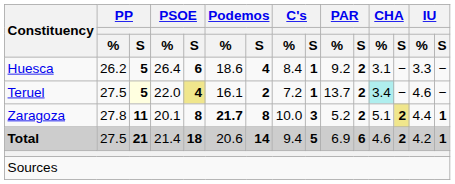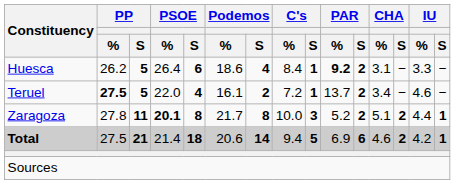 <table class="wikitable sortable" style="text-align:right; line-height:20px;">
 <tr>
 <th rowspan="3">Constituency</th>
 <th colspan="2" width="30px" class="unsortable"><a href='#'>PP</a></th>
 <th colspan="2" width="30px" class="unsortable"><a href='#'>PSOE</a></th>
 <th colspan="2" width="30px" class="unsortable"><a href='#'>Podemos</a></th>
 <th colspan="2" width="30px" class="unsortable"><a href='#'>C's</a></th>
 <th colspan="2" width="30px" class="unsortable"><a href='#'>PAR</a></th>
 <th colspan="2" width="30px" class="unsortable"><a href='#'>CHA</a></th>
 <th colspan="2" width="30px" class="unsortable"><a href='#'>IU</a></th>
 </tr>
 <tr>
 <th colspan="2" style="background:"></th>
 <th colspan="2" style="background:"></th>
 <th colspan="2" style="background:"></th>
 <th colspan="2" style="background:"></th>
 <th colspan="2" style="background:"></th>
 <th colspan="2" style="background:"></th>
 <th colspan="2" style="background:"></th>
 </tr>
 <tr>
 <th data-sort-type="number">%</th>
 <th data-sort-type="number">S</th>
 <th data-sort-type="number">%</th>
 <th data-sort-type="number">S</th>
 <th data-sort-type="number">%</th>
 <th data-sort-type="number">S</th>
 <th data-sort-type="number">%</th>
 <th data-sort-type="number">S</th>
 <th data-sort-type="number">%</th>
 <th data-sort-type="number">S</th>
 <th data-sort-type="number">%</th>
 <th data-sort-type="number">S</th>
 <th data-sort-type="number">%</th>
 <th data-sort-type="number">S</th>
 </tr>
 <tr>
 <td align="left"><a href='#'>Huesca</a></td>
 <td>26.2</td>
 <td><strong>5</strong></td>
 <td style="background:">26.4</td>
 <td><strong>6</strong></td>
 <td>18.6</td>
 <td><strong>4</strong></td>
 <td>8.4</td>
 <td><strong>1</strong></td>
-<td>9.2</td>
+<td><strong>9.2</strong></td>
 <td><strong>2</strong></td>
 <td>3.1</td>
 <td>−</td>
 <td>3.3</td>
 <td>−</td>
 </tr>
 <tr>
 <td align="left"><a href='#'>Teruel</a></td>
-<td style="background:">27.5</td>
-<td style="background: lightyellow;"><strong>5</strong></td>
+<td style="background:"><strong>27.5</strong></td>
+<td><strong>5</strong></td>
 <td>22.0</td>
-<td style="background: khaki;"><strong>4</strong></td>
+<td><strong>4</strong></td>
 <td>16.1</td>
 <td><strong>2</strong></td>
 <td>7.2</td>
 <td><strong>1</strong></td>
 <td>13.7</td>
 <td><strong>2</strong></td>
-<td style="background: paleturquoise;">3.4</td>
+<td>3.4</td>
 <td>−</td>
 <td>4.6</td>
 <td>−</td>
 </tr>
 <tr>
 <td align="left"><a href='#'>Zaragoza</a></td>
 <td style="background:">27.8</td>
 <td><strong>11</strong></td>
-<td>20.1</td>
+<td><strong>20.1</strong></td>
 <td><strong>8</strong></td>
-<td><strong>21.7</strong></td>
+<td>21.7</td>
 <td><strong>8</strong></td>
 <td>10.0</td>
 <td><strong>3</strong></td>
 <td>5.2</td>
 <td><strong>2</strong></td>
 <td>5.1</td>
-<td style="background: khaki;"><strong>2</strong></td>
+<td><strong>2</strong></td>
 <td>4.4</td>
 <td><strong>1</strong></td>
 </tr>
 <tr style="background:#CDCDCD;">
 <td align="left"><strong>Total</strong></td>
 <td style="background:">27.5</td>
 <td><strong>21</strong></td>
 <td>21.4</td>
 <td><strong>18</strong></td>
 <td>20.6</td>
 <td><strong>14</strong></td>
 <td>9.4</td>
 <td><strong>5</strong></td>
 <td>6.9</td>
 <td><strong>6</strong></td>
 <td>4.6</td>
 <td><strong>2</strong></td>
 <td>4.2</td>
 <td><strong>1</strong></td>
 </tr>
 <tr>
 <th colspan="15"></th>
 </tr>
 <tr>
 <th style="text-align:left; font-weight:normal; background:#F9F9F9" colspan="15">Sources</th>
 </tr>
 </table>
